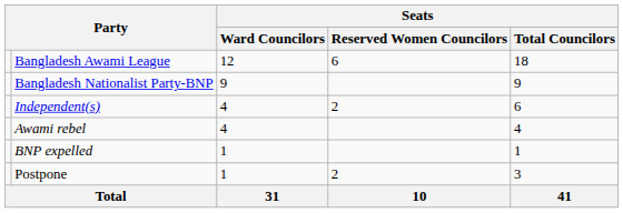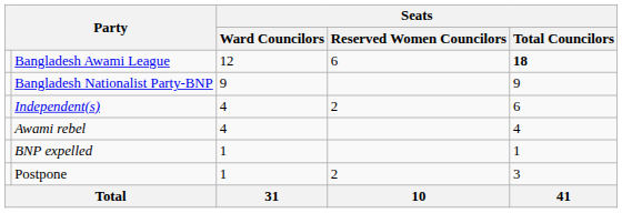 <table class="wikitable">
 <tr>
 <th colspan="2" rowspan="2">Party</th>
 <th colspan="3">Seats</th>
 </tr>
 <tr>
 <th>Ward Councilors</th>
 <th>Reserved Women Councilors</th>
 <th>Total Councilors</th>
 </tr>
 <tr>
 <td></td>
 <td><a href='#'>Bangladesh Awami League</a></td>
 <td>12</td>
 <td>6</td>
-<td>18</td>
+<td><strong>18</strong></td>
 </tr>
 <tr>
 <td></td>
 <td><a href='#'>Bangladesh Nationalist Party-BNP</a></td>
 <td>9</td>
 <td></td>
 <td>9</td>
 </tr>
 <tr>
 <td></td>
 <td><a href='#'><em>Independent(s)</em></a></td>
 <td>4</td>
 <td>2</td>
 <td>6</td>
 </tr>
 <tr>
 <td></td>
 <td><em>Awami rebel</em></td>
 <td>4</td>
 <td></td>
 <td>4</td>
 </tr>
 <tr>
 <td></td>
 <td><em>BNP expelled</em></td>
 <td>1</td>
 <td></td>
 <td>1</td>
 </tr>
 <tr>
 <td></td>
 <td>Postpone</td>
 <td>1</td>
 <td>2</td>
 <td>3</td>
 </tr>
 <tr>
 <th colspan="2">Total</th>
 <th>31</th>
 <th>10</th>
 <th>41</th>
 </tr>
 </table>
